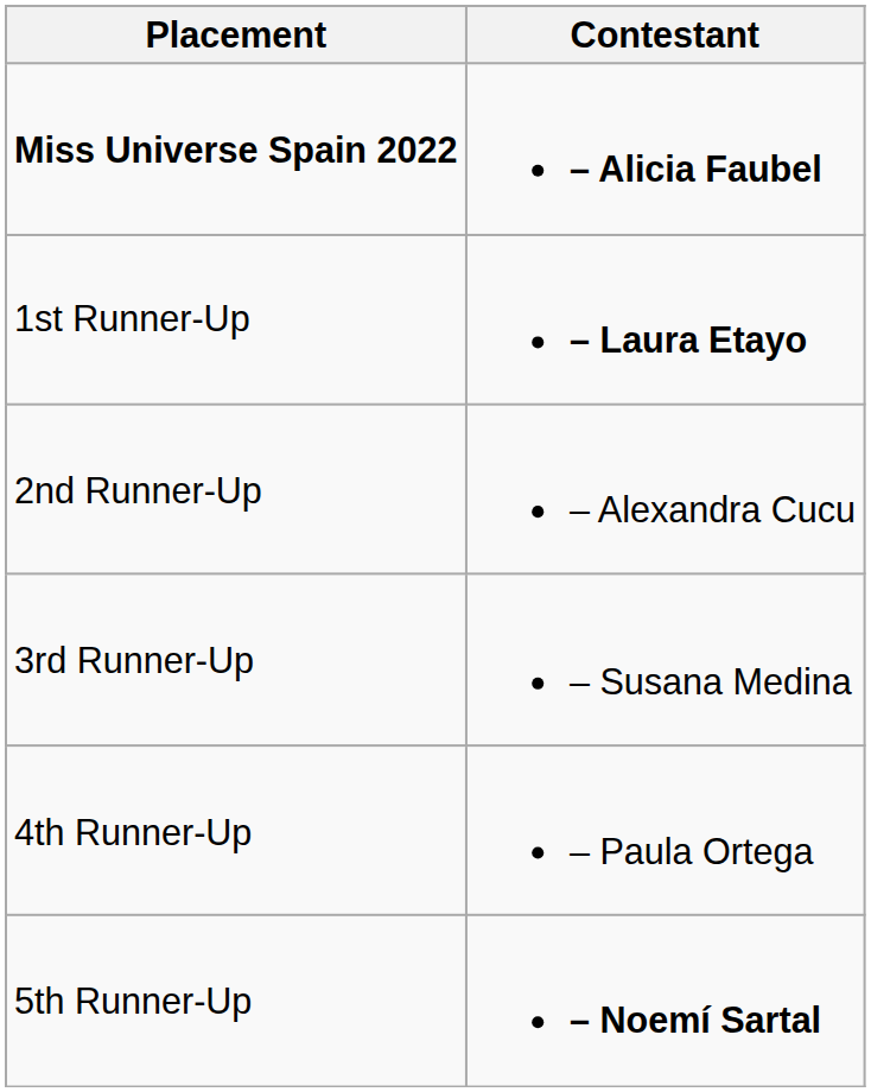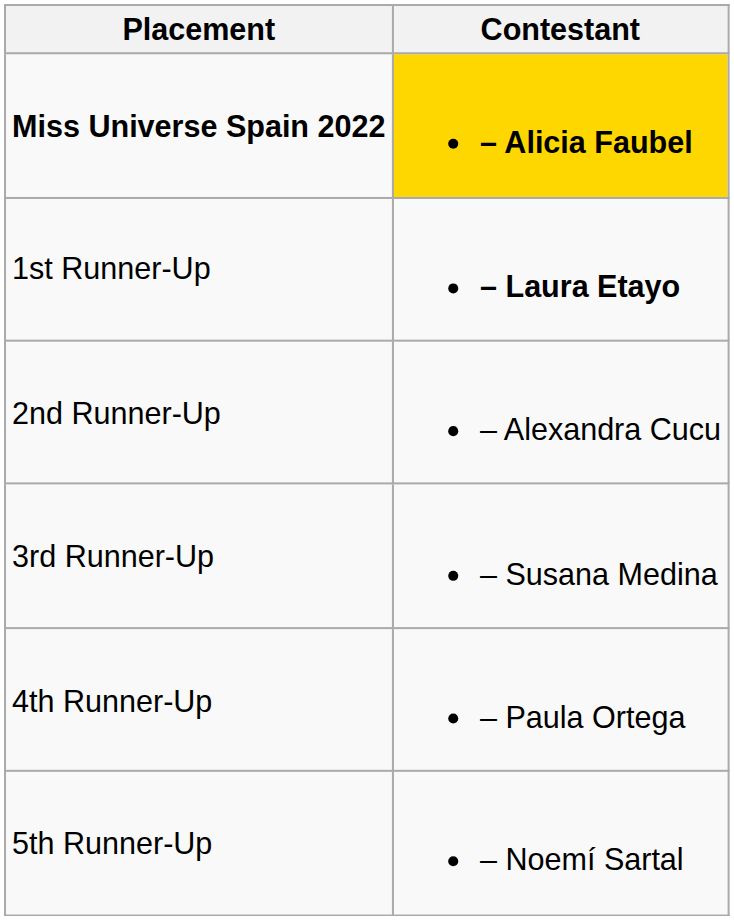 <table class="wikitable sortable" style="font-size: 95%;">
 <tr>
 <th>Placement</th>
 <th>Contestant</th>
 </tr>
 <tr>
 <td><strong>Miss Universe Spain 2022</strong></td>
-<td><br><ul><li><strong> – Alicia Faubel</strong></li></ul></td>
+<td style="background: gold;"><br><ul><li><strong> – Alicia Faubel</strong></li></ul></td>
 </tr>
 <tr>
 <td>1st Runner-Up</td>
 <td><strong><br><ul><li> – Laura Etayo</li></ul></strong></td>
 </tr>
 <tr>
 <td>2nd Runner-Up</td>
 <td><br><ul><li> – Alexandra Cucu</li></ul></td>
 </tr>
 <tr>
 <td>3rd Runner-Up</td>
 <td><br><ul><li> – Susana Medina</li></ul></td>
 </tr>
 <tr>
 <td>4th Runner-Up</td>
 <td><br><ul><li> – Paula Ortega</li></ul></td>
 </tr>
 <tr>
 <td>5th Runner-Up</td>
-<td><strong><br><ul><li> – Noemí Sartal</li></ul></strong></td>
+<td><br><ul><li> – Noemí Sartal</li></ul></td>
 </tr>
 </table>
